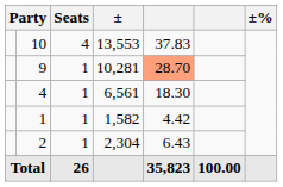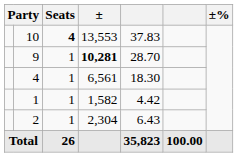 <table class=wikitable>
 <tr>
 <th colspan=2 align=center>Party</th>
 <th>Seats</th>
 <th>±</th>
 <th></th>
 <th></th>
 <th>±%</th>
 </tr>
 <tr>
 <td></td>
 <td align=right>10</td>
-<td align=right>4</td>
+<td align=right><strong>4</strong></td>
 <td align=right>13,553</td>
 <td align=right>37.83</td>
 <td align=right></td>
 </tr>
 <tr>
 <td></td>
 <td align=right>9</td>
 <td align=right>1</td>
-<td align=right>10,281</td>
-<td align=right style="background: lightsalmon;">28.70</td>
+<td align=right><strong>10,281</strong></td>
+<td align=right>28.70</td>
 <td align=right></td>
 </tr>
 <tr>
 <td></td>
 <td align=right>4</td>
 <td align=right>1</td>
 <td align=right>6,561</td>
 <td align=right>18.30</td>
 <td align=right></td>
 </tr>
 <tr>
 <td></td>
 <td align=right>1</td>
 <td align=right>1</td>
 <td align=right>1,582</td>
 <td align=right>4.42</td>
 <td align=right></td>
 </tr>
 <tr>
 <td></td>
 <td align=right>2</td>
 <td align=right>1</td>
 <td align=right>2,304</td>
 <td align=right>6.43</td>
 <td align=right></td>
 </tr>
 <tr style="font-weight:bold; background:rgb(232,232,232);">
 <td colspan=2 align=center>Total</td>
 <td align=right>26</td>
 <td align=center></td>
 <td align=right>35,823</td>
 <td align=center>100.00</td>
 <td></td>
 </tr>
 </table>
